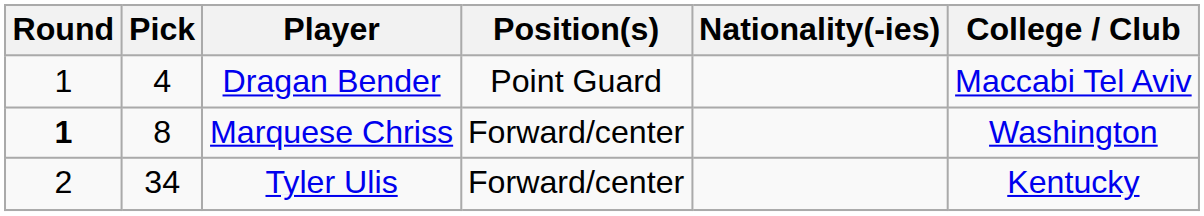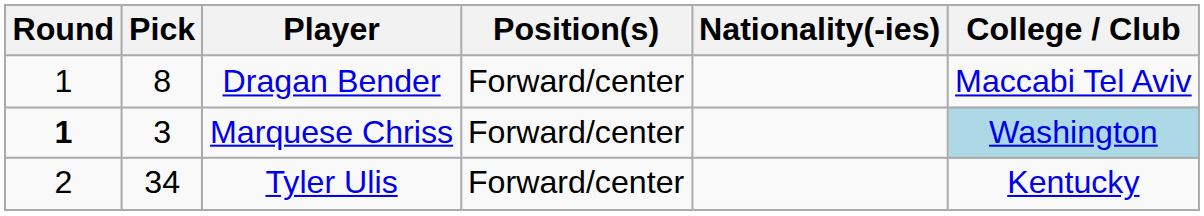 <table class="wikitable sortable sortable">
 <tr>
 <th>Round</th>
 <th>Pick</th>
 <th>Player</th>
 <th>Position(s)</th>
 <th>Nationality(-ies)</th>
 <th>College / Club</th>
 </tr>
 <tr style="text-align: center">
 <td>1</td>
-<td>4</td>
+<td>8</td>
 <td><a href='#'>Dragan Bender</a></td>
-<td>Point Guard</td>
+<td>Forward/center</td>
 <td><br></td>
 <td> <a href='#'>Maccabi Tel Aviv</a></td>
 </tr>
 <tr style="text-align: center">
 <td><strong>1</strong></td>
-<td>8</td>
+<td>3</td>
 <td><a href='#'>Marquese Chriss</a></td>
 <td>Forward/center</td>
 <td></td>
-<td><a href='#'>Washington</a></td>
+<td style="background: lightblue;"><a href='#'>Washington</a></td>
 </tr>
 <tr style="text-align: center">
 <td>2</td>
 <td>34</td>
 <td><a href='#'>Tyler Ulis</a></td>
 <td>Forward/center</td>
 <td></td>
 <td><a href='#'>Kentucky</a></td>
 </tr>
 </table>
